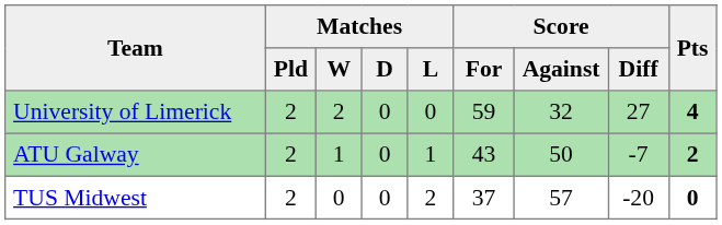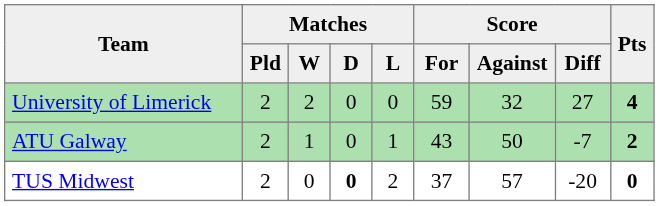 <table style=border-collapse:collapse border=1 cellspacing=0 cellpadding=5>
 <tr align=center bgcolor=#efefef>
 <th rowspan=2 width=165>Team</th>
 <th colspan=4>Matches</th>
 <th colspan=3>Score</th>
 <th rowspan=2width=20>Pts</th>
 </tr>
 <tr align=center bgcolor=#efefef>
 <th width=20>Pld</th>
 <th width=20>W</th>
 <th width=20>D</th>
 <th width=20>L</th>
 <th width=30>For</th>
 <th width=30>Against</th>
 <th width=30>Diff</th>
 </tr>
 <tr align=center style="background:#ACE1AF;">
 <td style="text-align:left;"><a href='#'>University of Limerick</a></td>
 <td>2</td>
 <td>2</td>
 <td>0</td>
 <td>0</td>
 <td>59</td>
 <td>32</td>
 <td>27</td>
 <td><strong>4</strong></td>
 </tr>
 <tr align=center style="background:#ACE1AF;">
 <td style="text-align:left;"><a href='#'>ATU Galway</a></td>
 <td>2</td>
 <td>1</td>
 <td>0</td>
 <td>1</td>
 <td>43</td>
 <td>50</td>
 <td>-7</td>
 <td><strong>2</strong></td>
 </tr>
 <tr align=center>
 <td style="text-align:left;"><a href='#'>TUS Midwest</a></td>
 <td>2</td>
 <td>0</td>
-<td>0</td>
+<td><strong>0</strong></td>
 <td>2</td>
 <td>37</td>
 <td>57</td>
 <td>-20</td>
 <td><strong>0</strong></td>
 </tr>
 </table>
